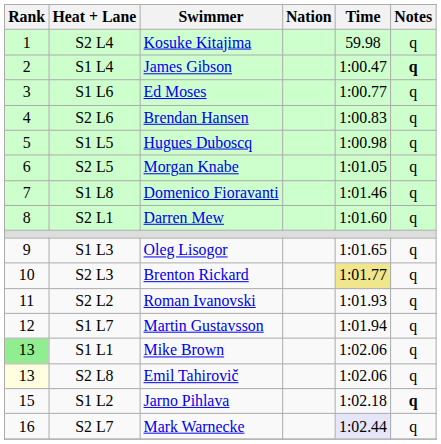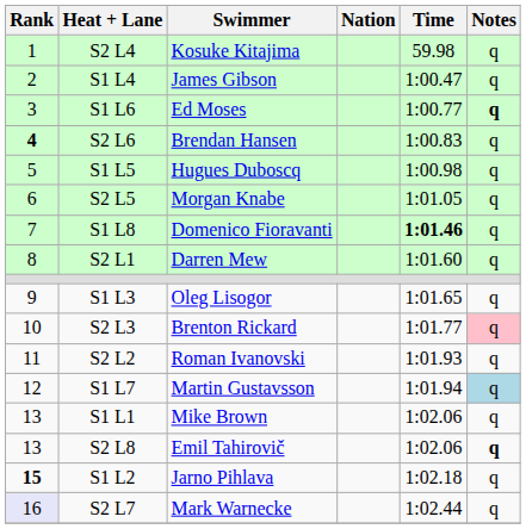 <table class="wikitable sortable" style="text-align:center">
 <tr>
 <th>Rank</th>
 <th>Heat + Lane</th>
 <th>Swimmer</th>
 <th>Nation</th>
 <th>Time</th>
 <th>Notes</th>
 </tr>
 <tr bgcolor=ccffcc>
 <td>1</td>
 <td>S2 L4</td>
 <td align=left><a href='#'>Kosuke Kitajima</a></td>
 <td align=left></td>
 <td>59.98</td>
 <td>q</td>
 </tr>
 <tr bgcolor=ccffcc>
 <td>2</td>
 <td>S1 L4</td>
 <td align=left><a href='#'>James Gibson</a></td>
 <td align=left></td>
 <td>1:00.47</td>
-<td><strong>q</strong></td>
+<td>q</td>
 </tr>
 <tr bgcolor=ccffcc>
 <td>3</td>
 <td>S1 L6</td>
 <td align=left><a href='#'>Ed Moses</a></td>
 <td align=left></td>
 <td>1:00.77</td>
-<td>q</td>
+<td><strong>q</strong></td>
 </tr>
 <tr bgcolor=ccffcc>
-<td>4</td>
+<td><strong>4</strong></td>
 <td>S2 L6</td>
 <td align=left><a href='#'>Brendan Hansen</a></td>
 <td align=left></td>
 <td>1:00.83</td>
 <td>q</td>
 </tr>
 <tr bgcolor=ccffcc>
 <td>5</td>
 <td>S1 L5</td>
 <td align=left><a href='#'>Hugues Duboscq</a></td>
 <td align=left></td>
 <td>1:00.98</td>
 <td>q</td>
 </tr>
 <tr bgcolor=ccffcc>
 <td>6</td>
 <td>S2 L5</td>
 <td align=left><a href='#'>Morgan Knabe</a></td>
 <td align=left></td>
 <td>1:01.05</td>
 <td>q</td>
 </tr>
 <tr bgcolor=ccffcc>
 <td>7</td>
 <td>S1 L8</td>
 <td align=left><a href='#'>Domenico Fioravanti</a></td>
 <td align=left></td>
-<td>1:01.46</td>
+<td><strong>1:01.46</strong></td>
 <td>q</td>
 </tr>
 <tr bgcolor=ccffcc>
 <td>8</td>
 <td>S2 L1</td>
 <td align=left><a href='#'>Darren Mew</a></td>
 <td align=left></td>
 <td>1:01.60</td>
 <td>q</td>
 </tr>
 <tr bgcolor=#DDDDDD>
 <td colspan=6></td>
 </tr>
 <tr>
 <td>9</td>
 <td>S1 L3</td>
 <td align=left><a href='#'>Oleg Lisogor</a></td>
 <td align=left></td>
 <td>1:01.65</td>
 <td>q</td>
 </tr>
 <tr>
 <td>10</td>
 <td>S2 L3</td>
 <td align=left><a href='#'>Brenton Rickard</a></td>
 <td align=left></td>
-<td style="background: khaki;">1:01.77</td>
-<td>q</td>
+<td>1:01.77</td>
+<td style="background: pink;">q</td>
 </tr>
 <tr>
 <td>11</td>
 <td>S2 L2</td>
 <td align=left><a href='#'>Roman Ivanovski</a></td>
 <td align=left></td>
 <td>1:01.93</td>
 <td>q</td>
 </tr>
 <tr>
 <td>12</td>
 <td>S1 L7</td>
 <td align=left><a href='#'>Martin Gustavsson</a></td>
 <td align=left></td>
 <td>1:01.94</td>
-<td>q</td>
+<td style="background: lightblue;">q</td>
 </tr>
 <tr>
-<td style="background: lightgreen;">13</td>
+<td>13</td>
 <td>S1 L1</td>
 <td align=left><a href='#'>Mike Brown</a></td>
 <td align=left></td>
 <td>1:02.06</td>
 <td>q</td>
 </tr>
 <tr>
-<td style="background: lightyellow;">13</td>
+<td>13</td>
 <td>S2 L8</td>
 <td align=left><a href='#'>Emil Tahirovič</a></td>
 <td align=left></td>
 <td>1:02.06</td>
-<td>q</td>
+<td><strong>q</strong></td>
 </tr>
 <tr>
-<td>15</td>
+<td><strong>15</strong></td>
 <td>S1 L2</td>
 <td align=left><a href='#'>Jarno Pihlava</a></td>
 <td align=left></td>
 <td>1:02.18</td>
-<td><strong>q</strong></td>
+<td>q</td>
 </tr>
 <tr>
-<td>16</td>
+<td style="background: lavender;">16</td>
 <td>S2 L7</td>
 <td align=left><a href='#'>Mark Warnecke</a></td>
 <td align=left></td>
-<td style="background: lavender;">1:02.44</td>
+<td>1:02.44</td>
 <td>q</td>
 </tr>
 <tr>
 </tr>
 </table>
